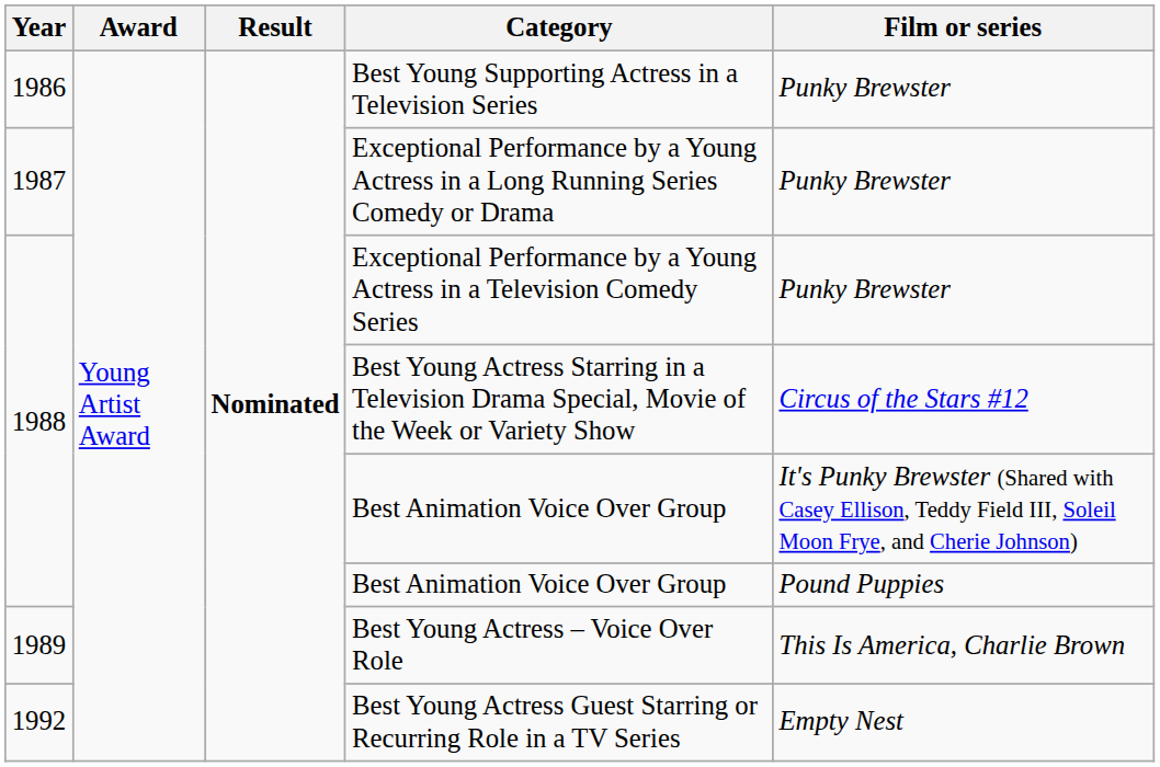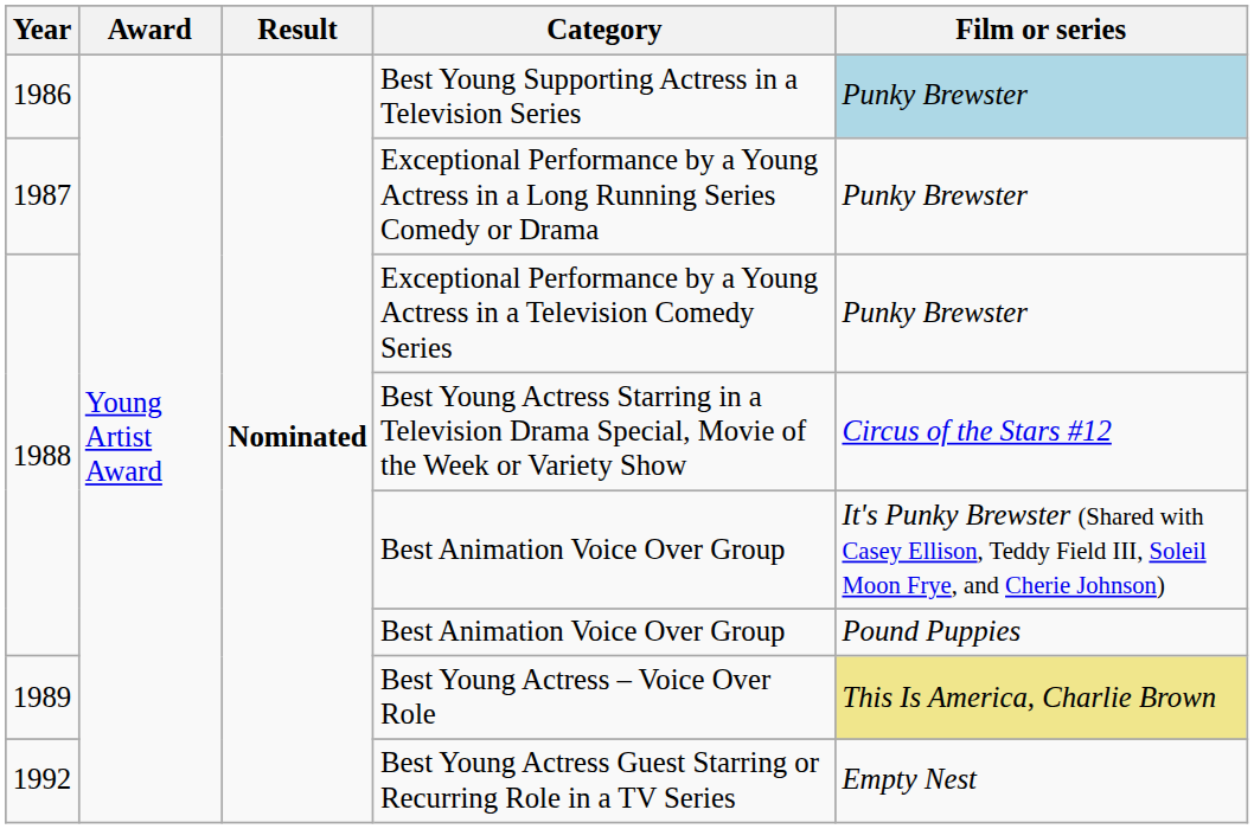 <table class="wikitable" style="font-size: 90%;">
 <tr>
 <th>Year</th>
 <th>Award</th>
 <th>Result</th>
 <th>Category</th>
 <th>Film or series</th>
 </tr>
 <tr>
 <td>1986</td>
 <td rowspan=8><a href='#'>Young Artist Award</a></td>
 <td rowspan=8><strong>Nominated</strong></td>
 <td>Best Young Supporting Actress in a Television Series</td>
-<td><em>Punky Brewster</em></td>
+<td style="background: lightblue;"><em>Punky Brewster</em></td>
 </tr>
 <tr>
 <td>1987</td>
 <td>Exceptional Performance by a Young Actress in a Long Running Series Comedy or Drama</td>
 <td><em>Punky Brewster</em></td>
 </tr>
 <tr>
 <td rowspan=4>1988</td>
 <td>Exceptional Performance by a Young Actress in a Television Comedy Series</td>
 <td><em>Punky Brewster</em></td>
 </tr>
 <tr>
 <td>Best Young Actress Starring in a Television Drama Special, Movie of the Week or Variety Show</td>
 <td><em><a href='#'>Circus of the Stars #12</a></em></td>
 </tr>
 <tr>
 <td>Best Animation Voice Over Group</td>
 <td><em>It's Punky Brewster</em> <small>(Shared with <a href='#'>Casey Ellison</a>, Teddy Field III, <a href='#'>Soleil Moon Frye</a>, and <a href='#'>Cherie Johnson</a>)</small></td>
 </tr>
 <tr>
 <td>Best Animation Voice Over Group</td>
 <td><em>Pound Puppies</em></td>
 </tr>
 <tr>
 <td>1989</td>
 <td>Best Young Actress – Voice Over Role</td>
-<td><em>This Is America, Charlie Brown</em></td>
+<td style="background: khaki;"><em>This Is America, Charlie Brown</em></td>
 </tr>
 <tr>
 <td>1992</td>
 <td>Best Young Actress Guest Starring or Recurring Role in a TV Series</td>
 <td><em>Empty Nest</em></td>
 </tr>
 </table>
